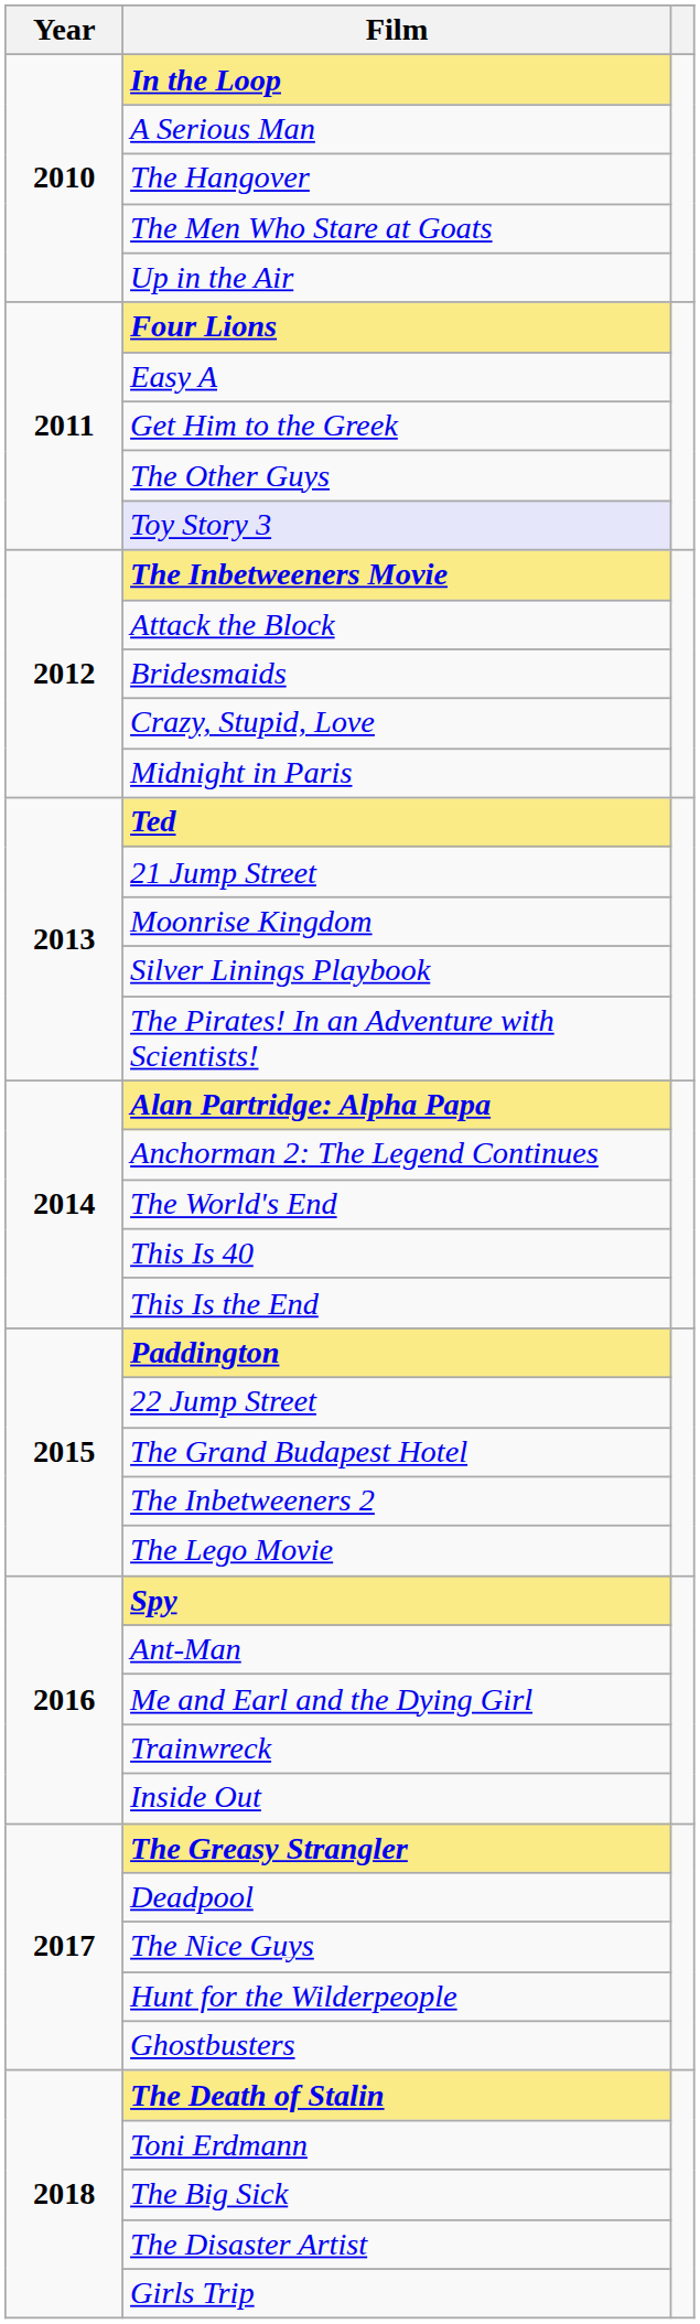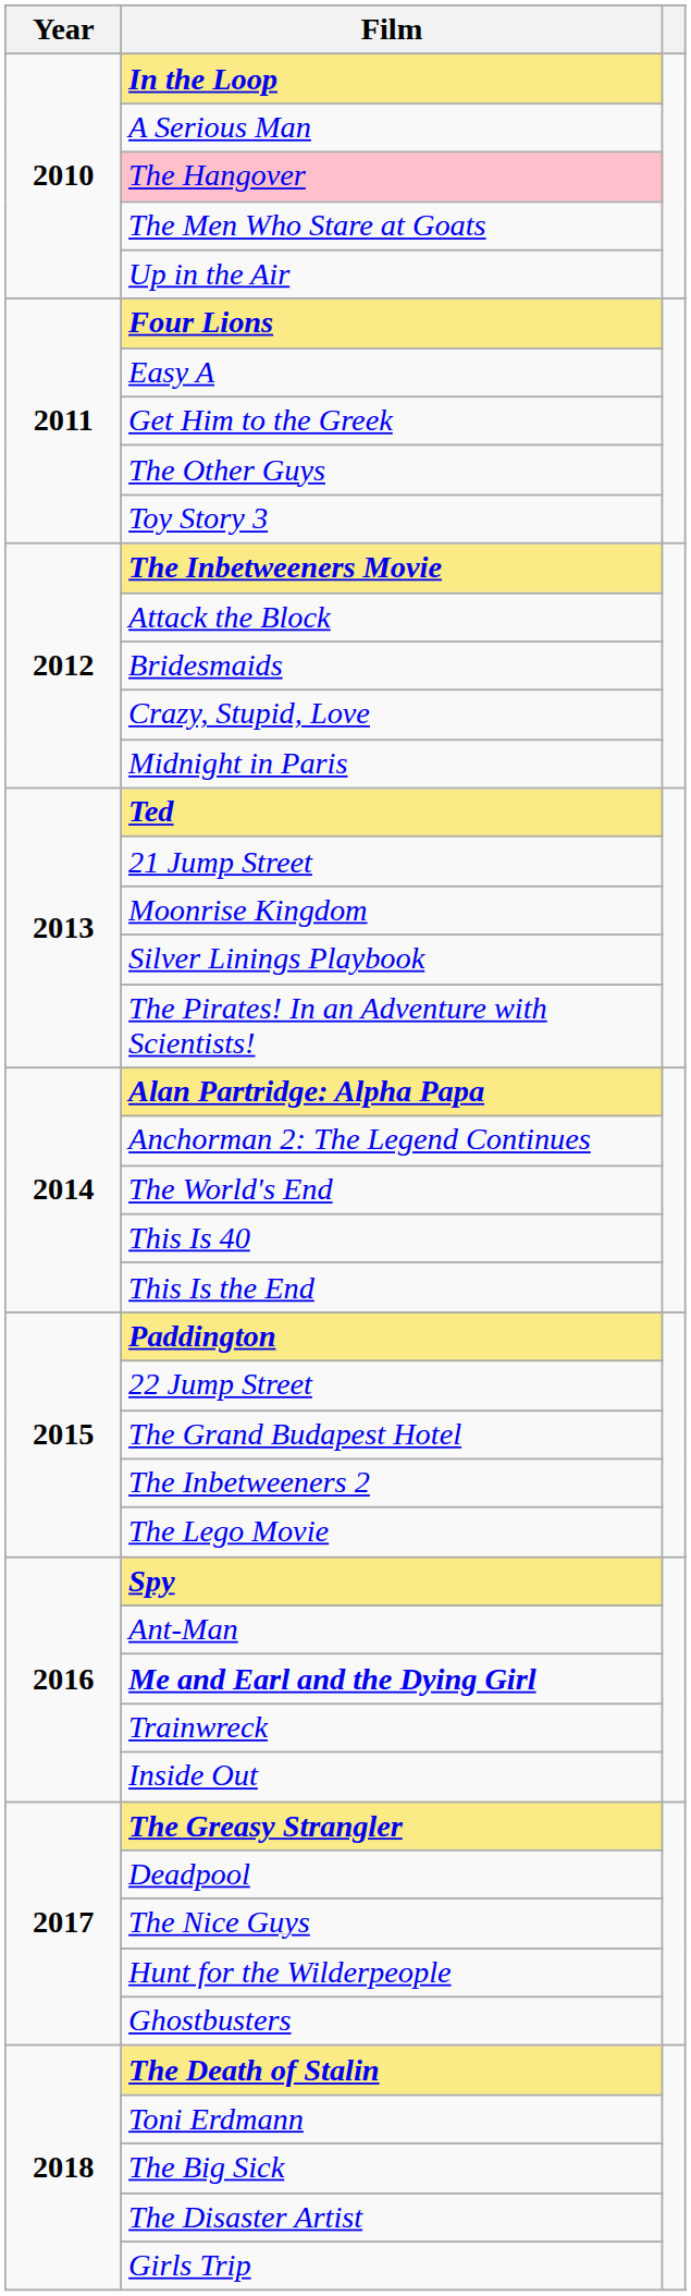 <table class="wikitable" width="40%">
 <tr>
 <th width="10%">Year</th>
 <th width="50%">Film</th>
 <th width="2%"></th>
 </tr>
 <tr>
 <td rowspan="5" style="text-align:center"><strong>2010<br> </strong></td>
 <td style="background:#FAEB86"><strong><em><a href='#'>In the Loop</a></em></strong></td>
 <td rowspan="5" style="text-align:center"></td>
 </tr>
 <tr>
 <td><em><a href='#'>A Serious Man</a></em></td>
 </tr>
 <tr>
-<td><em><a href='#'>The Hangover</a></em></td>
+<td style="background: pink;"><em><a href='#'>The Hangover</a></em></td>
 </tr>
 <tr>
 <td><em><a href='#'>The Men Who Stare at Goats</a></em></td>
 </tr>
 <tr>
 <td><em><a href='#'>Up in the Air</a></em></td>
 </tr>
 <tr>
 <td rowspan="5" style="text-align:center"><strong>2011<br> </strong></td>
 <td style="background:#FAEB86"><strong><em><a href='#'>Four Lions</a></em></strong></td>
 <td rowspan="5" style="text-align:center"></td>
 </tr>
 <tr>
 <td><em><a href='#'>Easy A</a></em></td>
 </tr>
 <tr>
 <td><em><a href='#'>Get Him to the Greek</a></em></td>
 </tr>
 <tr>
 <td><em><a href='#'>The Other Guys</a></em></td>
 </tr>
 <tr>
-<td style="background: lavender;"><em><a href='#'>Toy Story 3</a></em></td>
+<td><em><a href='#'>Toy Story 3</a></em></td>
 </tr>
 <tr>
 <td rowspan="5" style="text-align:center"><strong>2012<br> </strong></td>
 <td style="background:#FAEB86"><strong><em><a href='#'>The Inbetweeners Movie</a></em></strong></td>
 <td rowspan="5" style="text-align:center"></td>
 </tr>
 <tr>
 <td><em><a href='#'>Attack the Block</a></em></td>
 </tr>
 <tr>
 <td><em><a href='#'>Bridesmaids</a></em></td>
 </tr>
 <tr>
 <td><em><a href='#'>Crazy, Stupid, Love</a></em></td>
 </tr>
 <tr>
 <td><em><a href='#'>Midnight in Paris</a></em></td>
 </tr>
 <tr>
 <td rowspan="5" style="text-align:center"><strong>2013<br> </strong></td>
 <td style="background:#FAEB86"><strong><em><a href='#'>Ted</a></em></strong></td>
 <td rowspan="5" style="text-align:center"></td>
 </tr>
 <tr>
 <td><em><a href='#'>21 Jump Street</a></em></td>
 </tr>
 <tr>
 <td><em><a href='#'>Moonrise Kingdom</a></em></td>
 </tr>
 <tr>
 <td><em><a href='#'>Silver Linings Playbook</a></em></td>
 </tr>
 <tr>
 <td><em><a href='#'>The Pirates! In an Adventure with Scientists!</a></em></td>
 </tr>
 <tr>
 <td rowspan="5" style="text-align:center"><strong>2014<br> </strong></td>
 <td style="background:#FAEB86"><strong><em><a href='#'>Alan Partridge: Alpha Papa</a></em></strong></td>
 <td rowspan="5" style="text-align:center"></td>
 </tr>
 <tr>
 <td><em><a href='#'>Anchorman 2: The Legend Continues</a></em></td>
 </tr>
 <tr>
 <td><em><a href='#'>The World's End</a></em></td>
 </tr>
 <tr>
 <td><em><a href='#'>This Is 40</a></em></td>
 </tr>
 <tr>
 <td><em><a href='#'>This Is the End</a></em></td>
 </tr>
 <tr>
 <td rowspan="5" style="text-align:center"><strong>2015<br> </strong></td>
 <td style="background:#FAEB86"><strong><em><a href='#'>Paddington</a></em></strong></td>
 <td rowspan="5" style="text-align:center"></td>
 </tr>
 <tr>
 <td><em><a href='#'>22 Jump Street</a></em></td>
 </tr>
 <tr>
 <td><em><a href='#'>The Grand Budapest Hotel</a></em></td>
 </tr>
 <tr>
 <td><em><a href='#'>The Inbetweeners 2</a></em></td>
 </tr>
 <tr>
 <td><em><a href='#'>The Lego Movie</a></em></td>
 </tr>
 <tr>
 <td rowspan="5" style="text-align:center"><strong>2016<br> </strong></td>
 <td style="background:#FAEB86"><strong><em><a href='#'>Spy</a></em></strong></td>
 <td rowspan="5" style="text-align:center"></td>
 </tr>
 <tr>
 <td><em><a href='#'>Ant-Man</a></em></td>
 </tr>
 <tr>
-<td><em><a href='#'>Me and Earl and the Dying Girl</a></em></td>
+<td><strong><em><a href='#'>Me and Earl and the Dying Girl</a></em></strong></td>
 </tr>
 <tr>
 <td><em><a href='#'>Trainwreck</a></em></td>
 </tr>
 <tr>
 <td><em><a href='#'>Inside Out</a></em></td>
 </tr>
 <tr>
 <td rowspan="5" style="text-align:center"><strong>2017<br> </strong></td>
 <td style="background:#FAEB86"><strong><em><a href='#'>The Greasy Strangler</a></em></strong></td>
 <td rowspan="5" style="text-align:center"></td>
 </tr>
 <tr>
 <td><em><a href='#'>Deadpool</a></em></td>
 </tr>
 <tr>
 <td><em><a href='#'>The Nice Guys</a></em></td>
 </tr>
 <tr>
 <td><em><a href='#'>Hunt for the Wilderpeople</a></em></td>
 </tr>
 <tr>
 <td><em><a href='#'>Ghostbusters</a></em></td>
 </tr>
 <tr>
 <td rowspan="5" style="text-align:center"><strong>2018<br> </strong></td>
 <td style="background:#FAEB86"><strong><em><a href='#'>The Death of Stalin</a></em></strong></td>
 <td rowspan="5" style="text-align:center"></td>
 </tr>
 <tr>
 <td><em><a href='#'>Toni Erdmann</a></em></td>
 </tr>
 <tr>
 <td><em><a href='#'>The Big Sick</a></em></td>
 </tr>
 <tr>
 <td><em><a href='#'>The Disaster Artist</a></em></td>
 </tr>
 <tr>
 <td><em><a href='#'>Girls Trip</a></em></td>
 </tr>
 </table>
